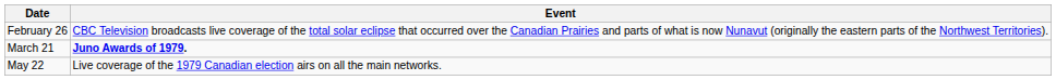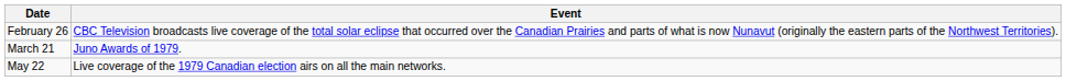 <table class="wikitable">
 <tr>
 <th>Date</th>
 <th>Event</th>
 </tr>
 <tr>
 <td>February 26</td>
 <td><a href='#'>CBC Television</a> broadcasts live coverage of the <a href='#'>total solar eclipse</a> that occurred over the <a href='#'>Canadian Prairies</a> and parts of what is now <a href='#'>Nunavut</a> (originally the eastern parts of the <a href='#'>Northwest Territories</a>).</td>
 </tr>
 <tr>
 <td>March 21</td>
-<td><strong><a href='#'>Juno Awards of 1979</a>.</strong></td>
+<td><a href='#'>Juno Awards of 1979</a>.</td>
 </tr>
 <tr>
 <td>May 22</td>
 <td>Live coverage of the <a href='#'>1979 Canadian election</a> airs on all the main networks.</td>
 </tr>
 </table>
